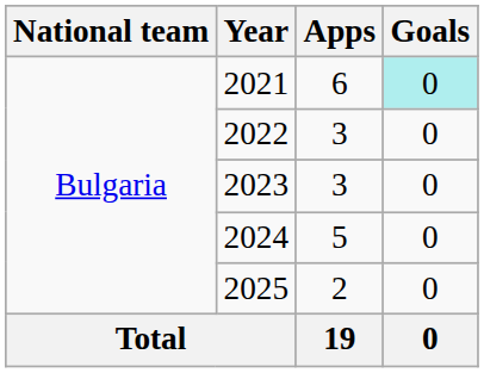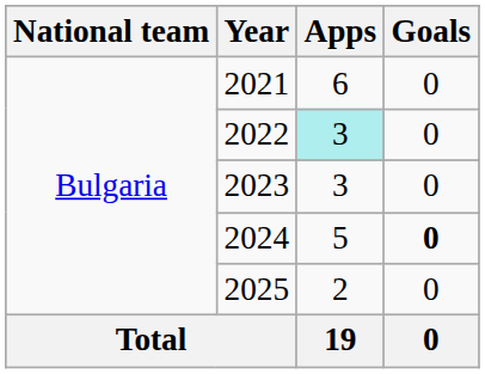 <table class="wikitable" style="text-align:center">
 <tr>
 <th>National team</th>
 <th>Year</th>
 <th>Apps</th>
 <th>Goals</th>
 </tr>
 <tr>
 <td rowspan="5"><a href='#'>Bulgaria</a></td>
 <td>2021</td>
 <td>6</td>
-<td style="background: paleturquoise;">0</td>
+<td>0</td>
 </tr>
 <tr>
 <td>2022</td>
-<td>3</td>
+<td style="background: paleturquoise;">3</td>
 <td>0</td>
 </tr>
 <tr>
 <td>2023</td>
 <td>3</td>
 <td>0</td>
 </tr>
 <tr>
 <td>2024</td>
 <td>5</td>
-<td>0</td>
+<td><strong>0</strong></td>
 </tr>
 <tr>
 <td>2025</td>
 <td>2</td>
 <td>0</td>
 </tr>
 <tr>
 <th colspan="2">Total</th>
 <th>19</th>
 <th>0</th>
 </tr>
 </table>
